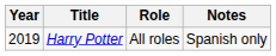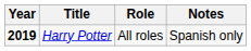 <table class="wikitable">
 <tr>
 <th>Year</th>
 <th>Title</th>
 <th>Role</th>
 <th>Notes</th>
 </tr>
 <tr>
-<td>2019</td>
+<td><strong>2019</strong></td>
 <td><em><a href='#'>Harry Potter</a></em></td>
 <td>All roles</td>
 <td>Spanish only</td>
 </tr>
 </table>
